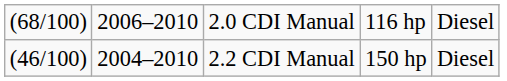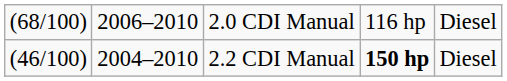 <table class="wikitable sortable">
 <tr>
 <td> (68/100)</td>
 <td>2006–2010</td>
 <td>2.0 CDI Manual</td>
 <td>116 hp</td>
 <td>Diesel</td>
 </tr>
 <tr>
 <td> (46/100)</td>
 <td>2004–2010</td>
 <td>2.2 CDI Manual</td>
-<td>150 hp</td>
+<td><strong>150 hp</strong></td>
 <td>Diesel</td>
 </tr>
 </table>
